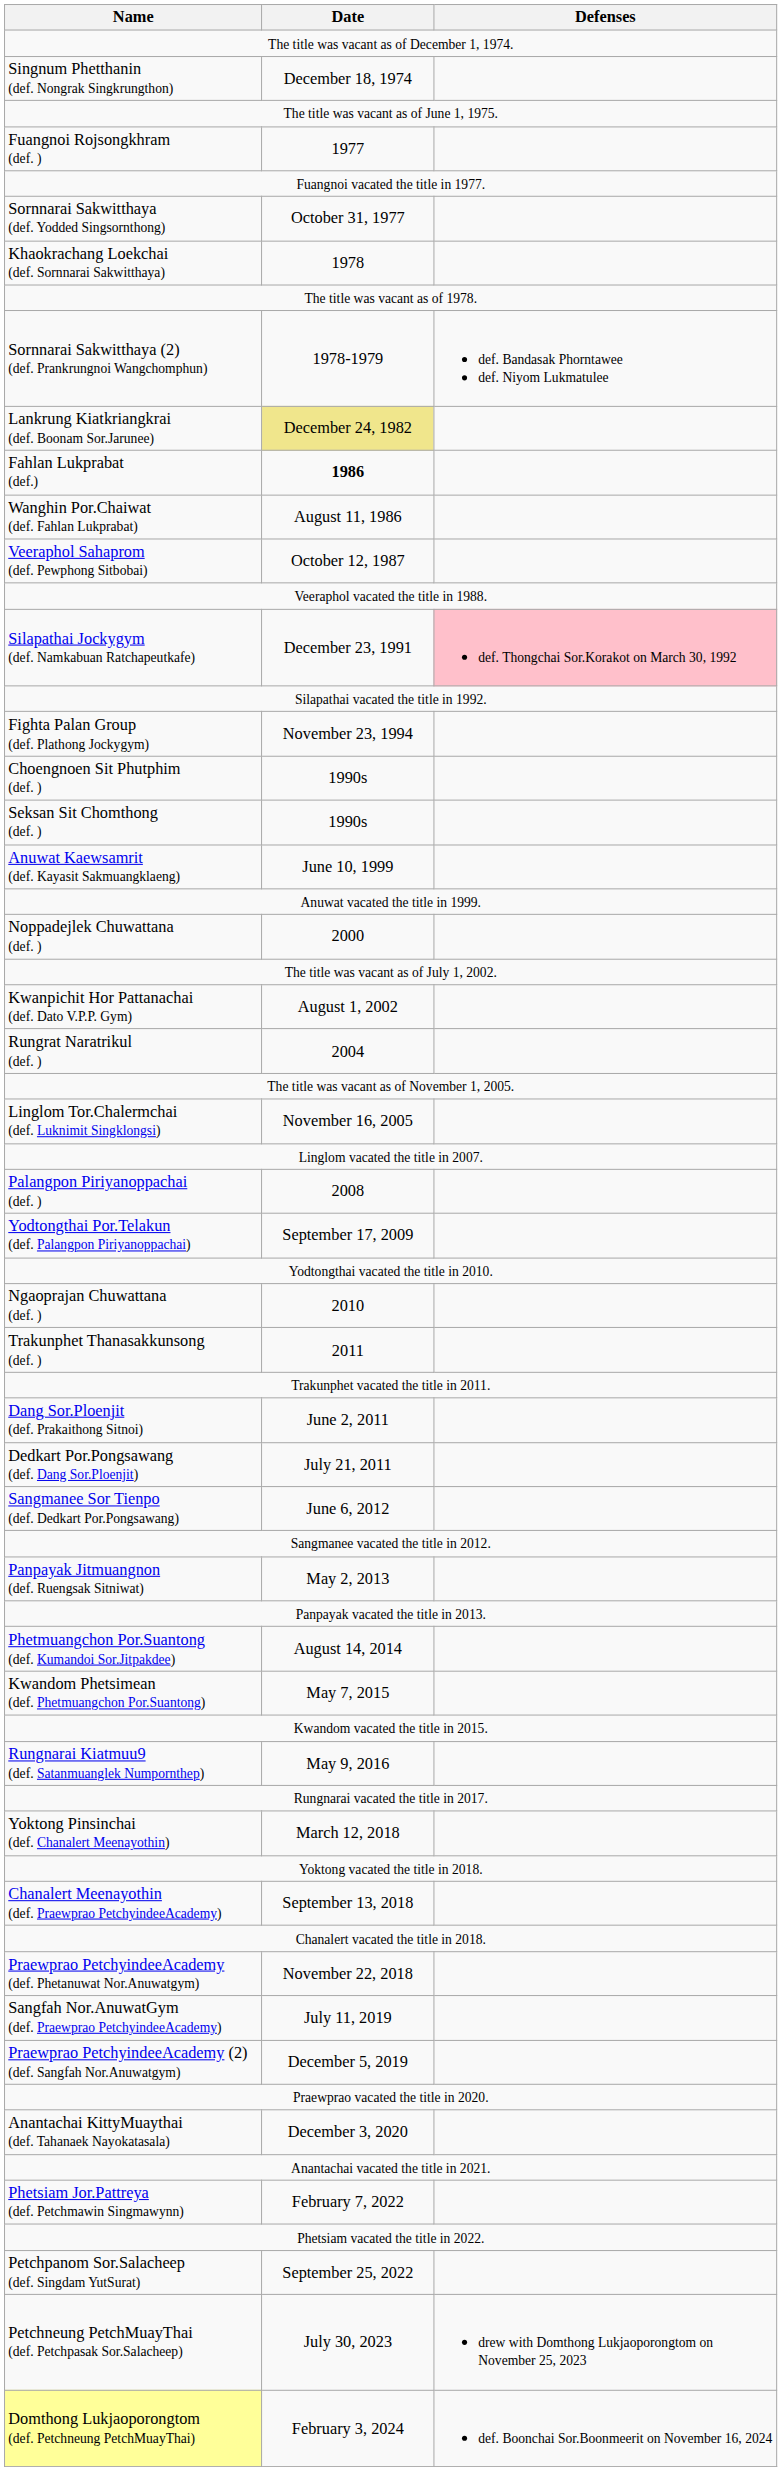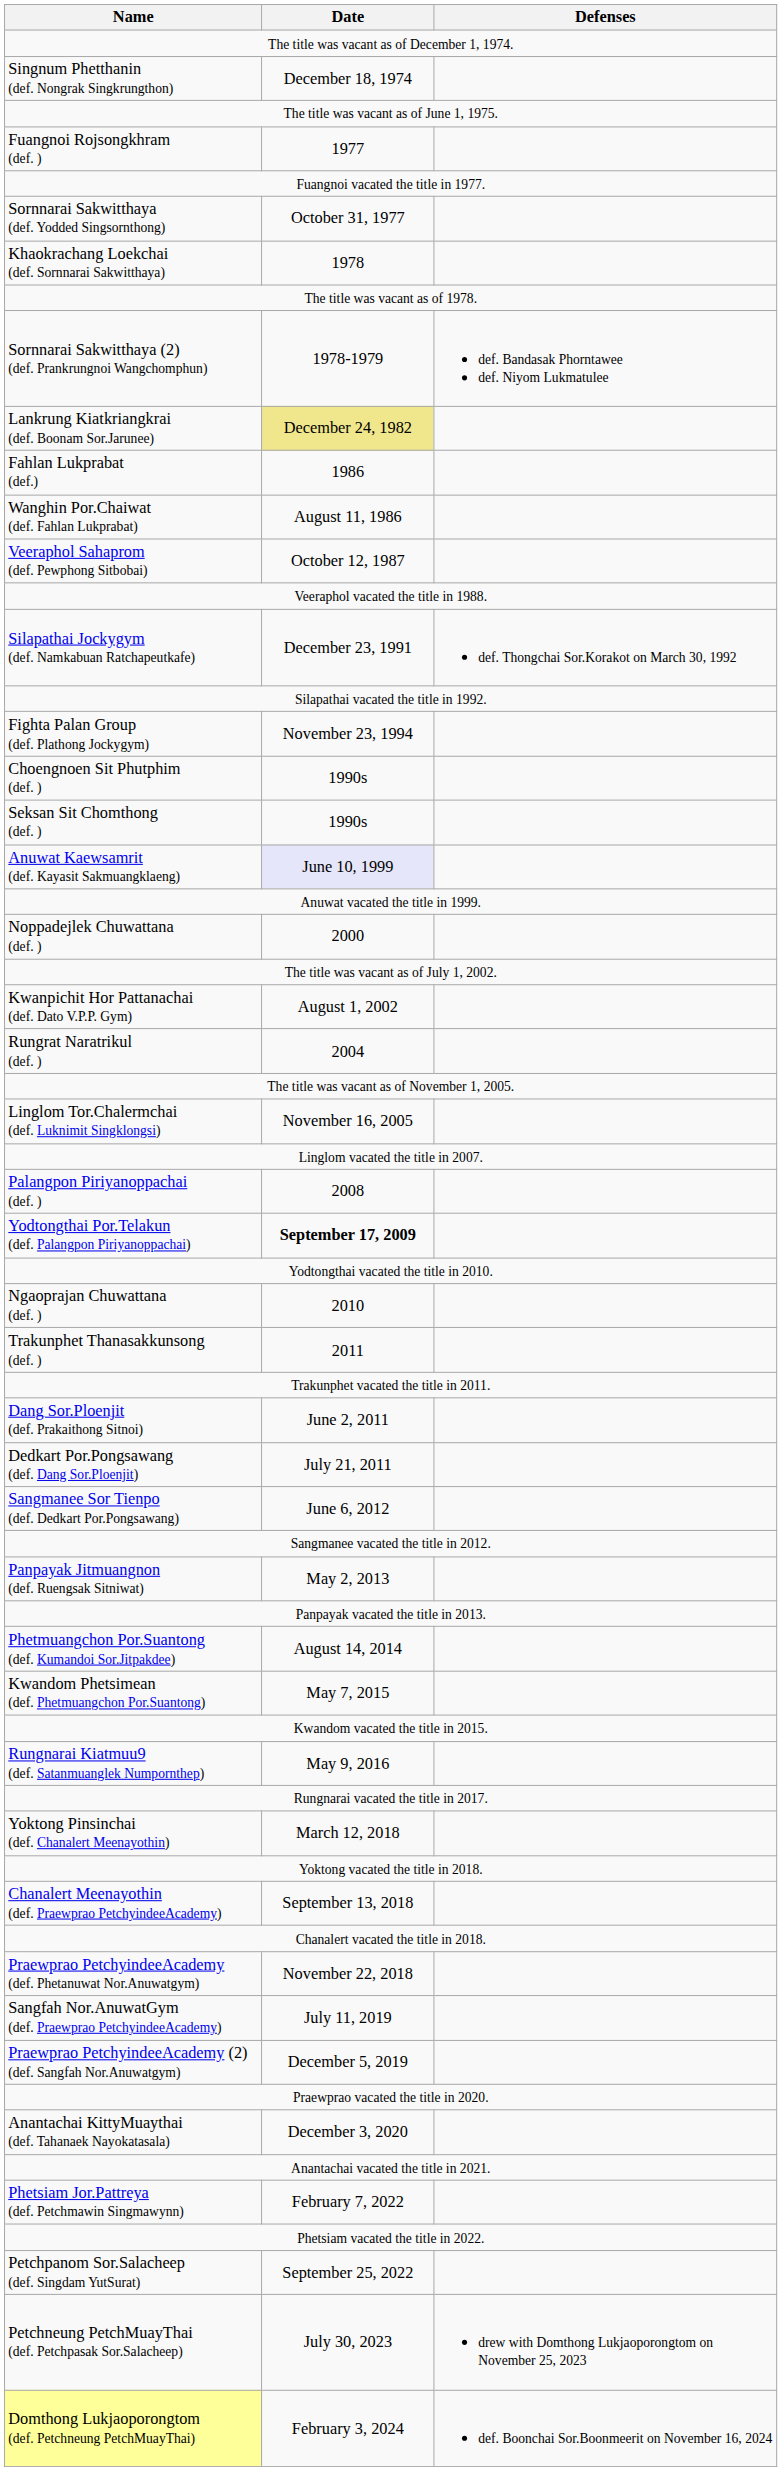 <table class="wikitable" width=60%>
 <tr>
 <th width=30%>Name</th>
 <th width=20%>Date</th>
 <th width=40%>Defenses</th>
 </tr>
 <tr>
 <td colspan=4 align=center><small>The title was vacant as of December 1, 1974.</small></td>
 </tr>
 <tr>
 <td align=left> Singnum Phetthanin <br><small>(def. Nongrak Singkrungthon)</small></td>
 <td align=center>December 18, 1974</td>
 <td></td>
 </tr>
 <tr>
 <td colspan=4 align=center><small>The title was vacant as of June 1, 1975.</small></td>
 </tr>
 <tr>
 <td align=left> Fuangnoi Rojsongkhram <br><small>(def. )</small></td>
 <td align=center>1977</td>
 <td></td>
 </tr>
 <tr>
 <td colspan=4 align=center><small>Fuangnoi vacated the title in 1977.</small></td>
 </tr>
 <tr>
 <td align=left> Sornnarai Sakwitthaya <br><small>(def. Yodded Singsornthong)</small></td>
 <td align=center>October 31, 1977</td>
 <td></td>
 </tr>
 <tr>
 <td align=left> Khaokrachang Loekchai<br><small>(def. Sornnarai Sakwitthaya)</small></td>
 <td align=center>1978</td>
 <td></td>
 </tr>
 <tr>
 <td colspan=4 align=center><small>The title was vacant as of 1978.</small></td>
 </tr>
 <tr>
 <td align=left> Sornnarai Sakwitthaya (2)<br><small>(def. Prankrungnoi Wangchomphun)</small></td>
 <td align=center>1978-1979</td>
 <td><br><ul><li><small>def. Bandasak Phorntawee</small></li><li><small>def. Niyom Lukmatulee</small></li></ul></td>
 </tr>
 <tr>
 <td align=left> Lankrung Kiatkriangkrai <br><small>(def. Boonam Sor.Jarunee)</small></td>
 <td align=center style="background: khaki;">December 24, 1982</td>
 <td></td>
 </tr>
 <tr>
 <td align=left> Fahlan Lukprabat <br><small>(def.)</small></td>
-<td align=center><strong>1986</strong></td>
+<td align=center>1986</td>
 <td></td>
 </tr>
 <tr>
 <td align=left> Wanghin Por.Chaiwat <br><small>(def. Fahlan Lukprabat)</small></td>
 <td align=center>August 11, 1986</td>
 <td></td>
 </tr>
 <tr>
 <td align=left> <a href='#'>Veeraphol Sahaprom</a> <br><small>(def. Pewphong Sitbobai)</small></td>
 <td align=center>October 12, 1987</td>
 <td></td>
 </tr>
 <tr>
 <td colspan=4 align=center><small>Veeraphol vacated the title in 1988.</small></td>
 </tr>
 <tr>
 <td align=left> <a href='#'>Silapathai Jockygym</a><br><small>(def. Namkabuan Ratchapeutkafe)</small></td>
 <td align=center>December 23, 1991</td>
-<td style="background: pink;"><br><ul><li><small>def. Thongchai Sor.Korakot on March 30, 1992</small></li></ul></td>
+<td><br><ul><li><small>def. Thongchai Sor.Korakot on March 30, 1992</small></li></ul></td>
 </tr>
 <tr>
 <td colspan=4 align=center><small>Silapathai vacated the title in 1992.</small></td>
 </tr>
 <tr>
 <td align=left> Fighta Palan Group<br><small>(def. Plathong Jockygym)</small></td>
 <td align=center>November 23, 1994</td>
 <td></td>
 </tr>
 <tr>
 <td align=left> Choengnoen Sit Phutphim<br><small>(def. )</small></td>
 <td align=center>1990s</td>
 <td></td>
 </tr>
 <tr>
 <td align=left> Seksan Sit Chomthong<br><small>(def. )</small></td>
 <td align=center>1990s</td>
 <td></td>
 </tr>
 <tr>
 <td align=left> <a href='#'>Anuwat Kaewsamrit</a><br><small>(def. Kayasit Sakmuangklaeng)</small></td>
-<td align=center>June 10, 1999</td>
+<td align=center style="background: lavender;">June 10, 1999</td>
 <td></td>
 </tr>
 <tr>
 <td colspan=4 align=center><small>Anuwat vacated the title in 1999.</small></td>
 </tr>
 <tr>
 <td align=left> Noppadejlek Chuwattana <br><small>(def. )</small></td>
 <td align=center>2000</td>
 <td></td>
 </tr>
 <tr>
 <td colspan=4 align=center><small>The title was vacant as of July 1, 2002.</small></td>
 </tr>
 <tr>
 <td align=left> Kwanpichit Hor Pattanachai<br><small>(def. Dato V.P.P. Gym)</small></td>
 <td align=center>August 1, 2002</td>
 <td></td>
 </tr>
 <tr>
 <td align=left> Rungrat Naratrikul<br><small>(def. )</small></td>
 <td align=center>2004</td>
 <td></td>
 </tr>
 <tr>
 <td colspan=4 align=center><small>The title was vacant as of November 1, 2005.</small></td>
 </tr>
 <tr>
 <td align=left> Linglom Tor.Chalermchai<br><small>(def. <a href='#'>Luknimit Singklongsi</a>)</small></td>
 <td align=center>November 16, 2005</td>
 <td></td>
 </tr>
 <tr>
 <td colspan=4 align=center><small>Linglom vacated the title in 2007.</small></td>
 </tr>
 <tr>
 <td align=left> <a href='#'>Palangpon Piriyanoppachai</a><br><small>(def. )</small></td>
 <td align=center>2008</td>
 <td></td>
 </tr>
 <tr>
 <td align=left> <a href='#'>Yodtongthai Por.Telakun</a><br><small>(def. <a href='#'>Palangpon Piriyanoppachai</a>)</small></td>
-<td align=center>September 17, 2009</td>
+<td align=center><strong>September 17, 2009</strong></td>
 <td></td>
 </tr>
 <tr>
 <td colspan=4 align=center><small>Yodtongthai vacated the title in 2010.</small></td>
 </tr>
 <tr>
 <td align=left> Ngaoprajan Chuwattana<br><small>(def. )</small></td>
 <td align=center>2010</td>
 <td></td>
 </tr>
 <tr>
 <td align=left> Trakunphet Thanasakkunsong <br><small>(def. )</small></td>
 <td align=center>2011</td>
 <td></td>
 </tr>
 <tr>
 <td colspan=4 align=center><small>Trakunphet vacated the title in 2011.</small></td>
 </tr>
 <tr>
 <td align=left> <a href='#'>Dang Sor.Ploenjit</a> <br><small>(def. Prakaithong Sitnoi)</small></td>
 <td align=center>June 2, 2011</td>
 <td></td>
 </tr>
 <tr>
 <td align=left> Dedkart Por.Pongsawang<br><small>(def. <a href='#'>Dang Sor.Ploenjit</a>)</small></td>
 <td align=center>July 21, 2011</td>
 </tr>
 <tr>
 <td align=left> <a href='#'>Sangmanee Sor Tienpo</a><br><small>(def. Dedkart Por.Pongsawang)</small></td>
 <td align=center>June 6, 2012</td>
 <td></td>
 </tr>
 <tr>
 <td colspan=4 align=center><small>Sangmanee vacated the title in 2012.</small></td>
 </tr>
 <tr>
 <td align=left> <a href='#'>Panpayak Jitmuangnon</a><br><small>(def. Ruengsak Sitniwat)</small></td>
 <td align=center>May 2, 2013</td>
 <td></td>
 </tr>
 <tr>
 <td colspan=4 align=center><small>Panpayak vacated the title in 2013.</small></td>
 </tr>
 <tr>
 <td align=left> <a href='#'>Phetmuangchon Por.Suantong</a><br><small>(def. <a href='#'>Kumandoi Sor.Jitpakdee</a>)</small></td>
 <td align=center>August 14, 2014</td>
 <td></td>
 </tr>
 <tr>
 <td align=left> Kwandom Phetsimean<br><small>(def. <a href='#'>Phetmuangchon Por.Suantong</a>)</small></td>
 <td align=center>May 7, 2015</td>
 <td></td>
 </tr>
 <tr>
 <td colspan=4 align=center><small>Kwandom vacated the title in 2015.</small></td>
 </tr>
 <tr>
 <td align=left> <a href='#'>Rungnarai Kiatmuu9</a><br><small>(def. <a href='#'>Satanmuanglek Numpornthep</a>)</small></td>
 <td align=center>May 9, 2016</td>
 <td></td>
 </tr>
 <tr>
 <td colspan=4 align=center><small>Rungnarai vacated the title in 2017.</small></td>
 </tr>
 <tr>
 <td align=left> Yoktong Pinsinchai<br><small>(def. <a href='#'>Chanalert Meenayothin</a>)</small></td>
 <td align=center>March 12, 2018</td>
 <td></td>
 </tr>
 <tr>
 <td colspan=4 align=center><small>Yoktong vacated the title in 2018.</small></td>
 </tr>
 <tr>
 <td align=left> <a href='#'>Chanalert Meenayothin</a><br><small>(def. <a href='#'>Praewprao PetchyindeeAcademy</a>)</small></td>
 <td align=center>September 13, 2018</td>
 <td></td>
 </tr>
 <tr>
 <td colspan=4 align=center><small>Chanalert vacated the title in 2018.</small></td>
 </tr>
 <tr>
 <td align=left> <a href='#'>Praewprao PetchyindeeAcademy</a><br><small>(def. Phetanuwat Nor.Anuwatgym)</small></td>
 <td align=center>November 22, 2018</td>
 <td></td>
 </tr>
 <tr>
 <td align=left> Sangfah Nor.AnuwatGym<br><small>(def. <a href='#'>Praewprao PetchyindeeAcademy</a>)</small></td>
 <td align=center>July 11, 2019</td>
 <td></td>
 </tr>
 <tr>
 <td align=left> <a href='#'>Praewprao PetchyindeeAcademy</a> (2)<br><small>(def. Sangfah Nor.Anuwatgym)</small></td>
 <td align=center>December 5, 2019</td>
 <td></td>
 </tr>
 <tr>
 <td colspan=4 align=center><small>Praewprao vacated the title in 2020.</small></td>
 </tr>
 <tr>
 <td align=left> Anantachai KittyMuaythai <br><small>(def. Tahanaek Nayokatasala)</small></td>
 <td align=center>December 3, 2020</td>
 <td></td>
 </tr>
 <tr>
 <td colspan=4 align=center><small>Anantachai vacated the title in 2021.</small></td>
 </tr>
 <tr>
 <td align=left> <a href='#'>Phetsiam Jor.Pattreya</a> <br><small>(def. Petchmawin Singmawynn)</small></td>
 <td align=center>February 7, 2022</td>
 <td></td>
 </tr>
 <tr>
 <td colspan=4 align=center><small>Phetsiam vacated the title in 2022.</small></td>
 </tr>
 <tr>
 <td align=left> Petchpanom Sor.Salacheep <br><small>(def. Singdam YutSurat)</small></td>
 <td align=center>September 25, 2022</td>
 <td></td>
 </tr>
 <tr>
 <td align=left> Petchneung PetchMuayThai <br><small>(def. Petchpasak Sor.Salacheep)</small></td>
 <td align=center>July 30, 2023</td>
 <td><br><ul><li><small>drew with Domthong Lukjaoporongtom on November 25, 2023</small></li></ul></td>
 </tr>
 <tr>
 <td align=left bgcolor="#FFFF99"> Domthong Lukjaoporongtom <br><small>(def. Petchneung PetchMuayThai)</small></td>
 <td align=center>February 3, 2024</td>
 <td><br><ul><li><small>def. Boonchai Sor.Boonmeerit on November 16, 2024</small></li></ul></td>
 </tr>
 <tr>
 </tr>
 </table>
